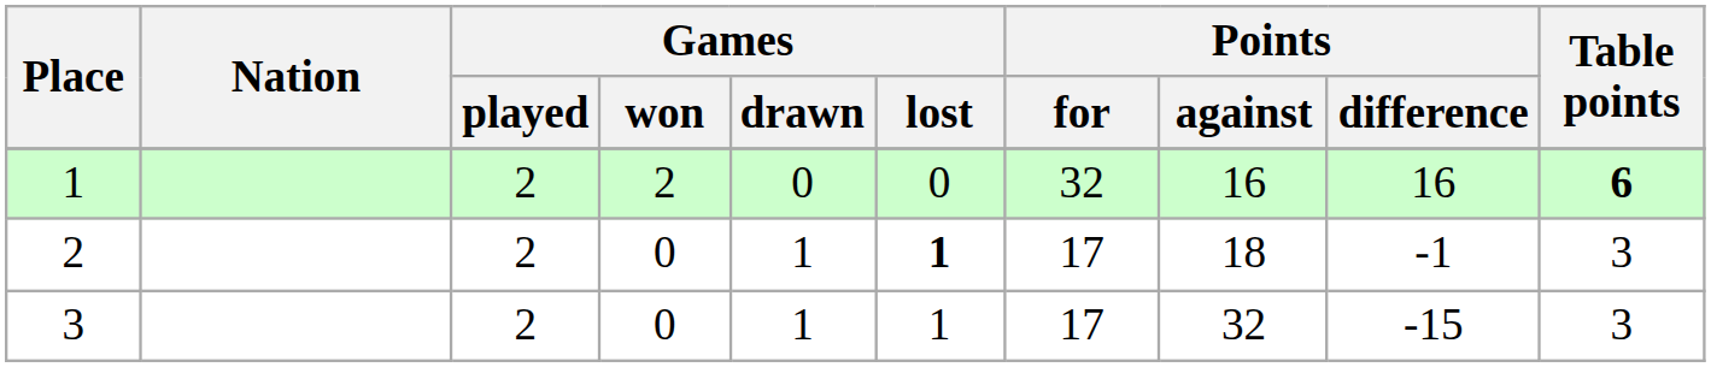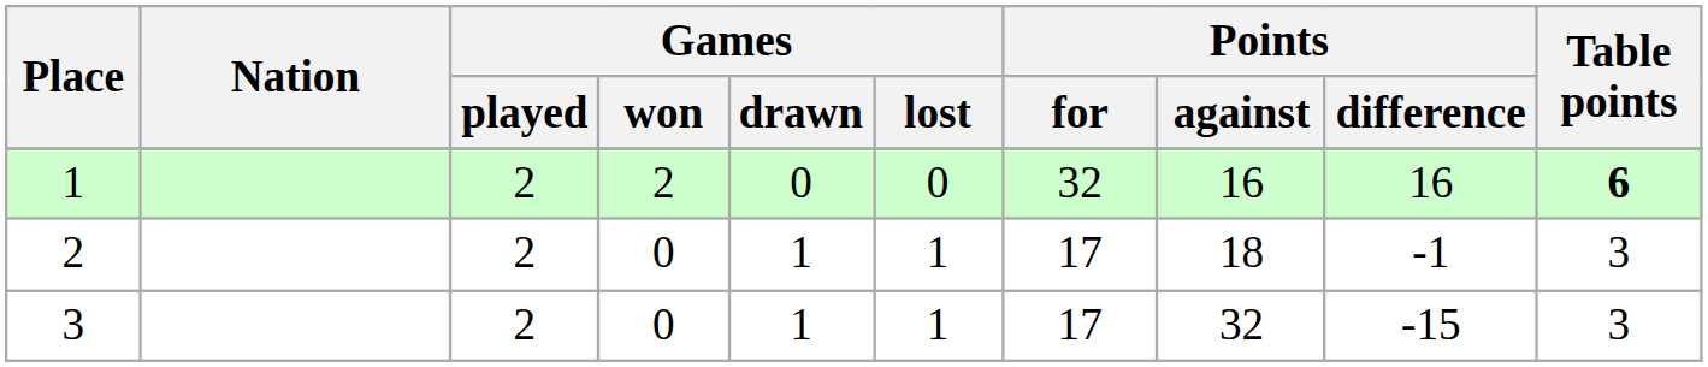 <table class="wikitable">
 <tr>
 <th rowspan=2 width="8%">Place</th>
 <th rowspan=2 width="20%">Nation</th>
 <th colspan=4 width="32%">Games</th>
 <th colspan=3 width="30%">Points</th>
 <th rowspan=2 width="10%">Table<br>points</th>
 </tr>
 <tr>
 <th width="8%">played</th>
 <th width="8%">won</th>
 <th width="8%">drawn</th>
 <th width="8%">lost</th>
 <th width="10%">for</th>
 <th width="10%">against</th>
 <th width="10%">difference</th>
 </tr>
 <tr>
 </tr>
 <tr bgcolor=#ccffcc align=center>
 <td>1</td>
 <td align=left><strong></strong></td>
 <td>2</td>
 <td>2</td>
 <td>0</td>
 <td>0</td>
 <td>32</td>
 <td>16</td>
 <td>16</td>
 <td><strong>6</strong></td>
 </tr>
 <tr bgcolor=#ffffff align=center>
 <td>2</td>
 <td align=left></td>
 <td>2</td>
 <td>0</td>
 <td>1</td>
-<td><strong>1</strong></td>
+<td>1</td>
 <td>17</td>
 <td>18</td>
 <td>-1</td>
 <td>3</td>
 </tr>
 <tr bgcolor=#ffffff align=center>
 <td>3</td>
 <td align=left></td>
 <td>2</td>
 <td>0</td>
 <td>1</td>
 <td>1</td>
 <td>17</td>
 <td>32</td>
 <td>-15</td>
 <td>3</td>
 </tr>
 </table>
